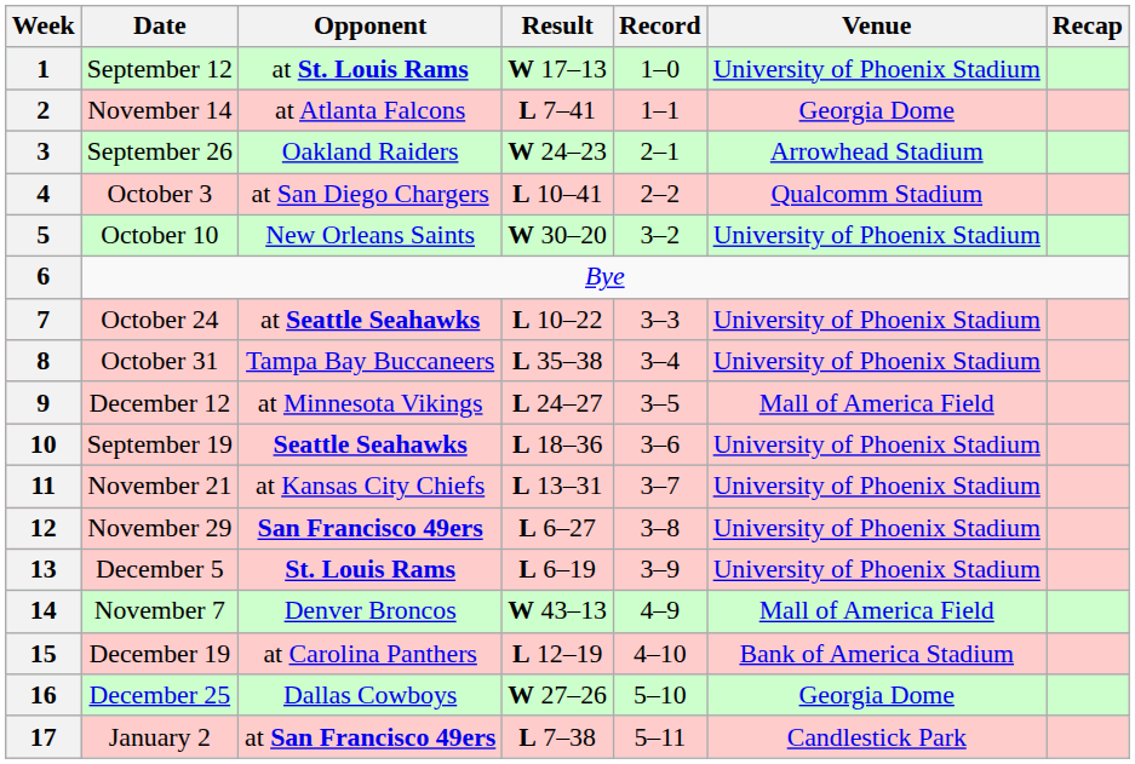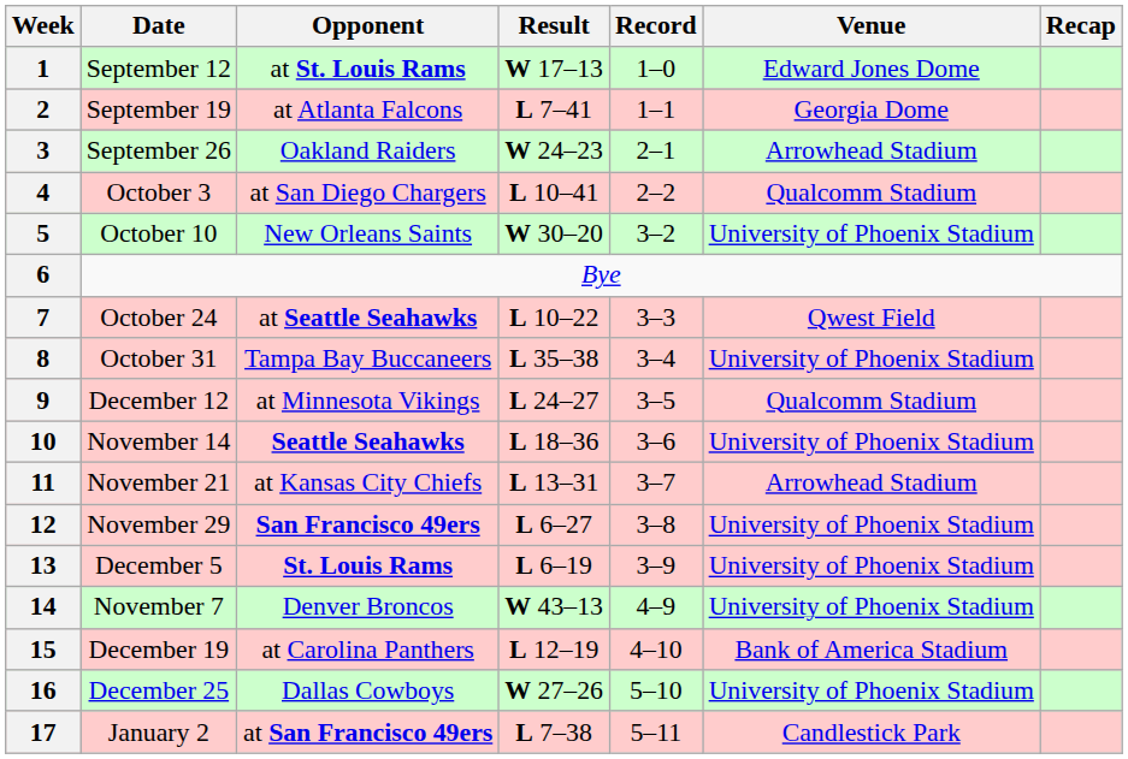 <table class="wikitable" style="text-align:center">
 <tr>
 <th>Week</th>
 <th>Date</th>
 <th>Opponent</th>
 <th>Result</th>
 <th>Record</th>
 <th>Venue</th>
 <th>Recap</th>
 </tr>
 <tr style="background:#cfc;">
 <th>1</th>
 <td style="text-align:center;">September 12</td>
 <td style="text-align:center;">at <strong><a href='#'>St. Louis Rams</a></strong></td>
 <td style="text-align:center;"><strong>W</strong> 17–13</td>
 <td style="text-align:center;">1–0</td>
-<td style="text-align:center;"><a href='#'>University of Phoenix Stadium</a></td>
+<td style="text-align:center;"><a href='#'>Edward Jones Dome</a></td>
 <td style="text-align:center;"></td>
 </tr>
 <tr style="background:#fcc;">
 <th>2</th>
-<td style="text-align:center;">November 14</td>
+<td style="text-align:center;">September 19</td>
 <td style="text-align:center;">at <a href='#'>Atlanta Falcons</a></td>
 <td style="text-align:center;"><strong>L</strong> 7–41</td>
 <td style="text-align:center;">1–1</td>
 <td style="text-align:center;"><a href='#'>Georgia Dome</a></td>
 <td style="text-align:center;"></td>
 </tr>
 <tr style="background:#cfc;">
 <th>3</th>
 <td style="text-align:center;">September 26</td>
 <td style="text-align:center;"><a href='#'>Oakland Raiders</a></td>
 <td style="text-align:center;"><strong>W</strong> 24–23</td>
 <td style="text-align:center;">2–1</td>
 <td style="text-align:center;"><a href='#'>Arrowhead Stadium</a></td>
 <td style="text-align:center;"></td>
 </tr>
 <tr style="background:#fcc;">
 <th>4</th>
 <td style="text-align:center;">October 3</td>
 <td style="text-align:center;">at <a href='#'>San Diego Chargers</a></td>
 <td style="text-align:center;"><strong>L</strong> 10–41</td>
 <td style="text-align:center;">2–2</td>
 <td style="text-align:center;"><a href='#'>Qualcomm Stadium</a></td>
 <td style="text-align:center;"></td>
 </tr>
 <tr style="background:#cfc;">
 <th>5</th>
 <td style="text-align:center;">October 10</td>
 <td style="text-align:center;"><a href='#'>New Orleans Saints</a></td>
 <td style="text-align:center;"><strong>W</strong> 30–20</td>
 <td style="text-align:center;">3–2</td>
 <td style="text-align:center;"><a href='#'>University of Phoenix Stadium</a></td>
 <td style="text-align:center;"></td>
 </tr>
 <tr style="background:#">
 <th>6</th>
 <td colspan="6" style="text-align:center;"><em><a href='#'>Bye</a></em></td>
 </tr>
 <tr style="background:#fcc;">
 <th>7</th>
 <td style="text-align:center;">October 24</td>
 <td style="text-align:center;">at <strong><a href='#'>Seattle Seahawks</a></strong></td>
 <td style="text-align:center;"><strong>L</strong> 10–22</td>
 <td style="text-align:center;">3–3</td>
-<td style="text-align:center;"><a href='#'>University of Phoenix Stadium</a></td>
+<td style="text-align:center;"><a href='#'>Qwest Field</a></td>
 <td style="text-align:center;"></td>
 </tr>
 <tr style="background:#fcc;">
 <th>8</th>
 <td style="text-align:center;">October 31</td>
 <td style="text-align:center;"><a href='#'>Tampa Bay Buccaneers</a></td>
 <td style="text-align:center;"><strong>L</strong> 35–38</td>
 <td style="text-align:center;">3–4</td>
 <td style="text-align:center;"><a href='#'>University of Phoenix Stadium</a></td>
 <td style="text-align:center;"></td>
 </tr>
 <tr style="background:#fcc;">
 <th>9</th>
 <td style="text-align:center;">December 12</td>
 <td style="text-align:center;">at <a href='#'>Minnesota Vikings</a></td>
 <td style="text-align:center;"><strong>L</strong> 24–27 </td>
 <td style="text-align:center;">3–5</td>
-<td style="text-align:center;"><a href='#'>Mall of America Field</a></td>
+<td style="text-align:center;"><a href='#'>Qualcomm Stadium</a></td>
 <td style="text-align:center;"></td>
 </tr>
 <tr style="background:#fcc;">
 <th>10</th>
-<td style="text-align:center;">September 19</td>
+<td style="text-align:center;">November 14</td>
 <td style="text-align:center;"><strong><a href='#'>Seattle Seahawks</a></strong></td>
 <td style="text-align:center;"><strong>L</strong> 18–36</td>
 <td style="text-align:center;">3–6</td>
 <td style="text-align:center;"><a href='#'>University of Phoenix Stadium</a></td>
 <td style="text-align:center;"></td>
 </tr>
 <tr style="background:#fcc;">
 <th>11</th>
 <td style="text-align:center;">November 21</td>
 <td style="text-align:center;">at <a href='#'>Kansas City Chiefs</a></td>
 <td style="text-align:center;"><strong>L</strong> 13–31</td>
 <td style="text-align:center;">3–7</td>
-<td style="text-align:center;"><a href='#'>University of Phoenix Stadium</a></td>
+<td style="text-align:center;"><a href='#'>Arrowhead Stadium</a></td>
 <td style="text-align:center;"></td>
 </tr>
 <tr style="background:#fcc;">
 <th>12</th>
 <td style="text-align:center;">November 29</td>
 <td style="text-align:center;"><strong><a href='#'>San Francisco 49ers</a></strong></td>
 <td style="text-align:center;"><strong>L</strong> 6–27</td>
 <td style="text-align:center;">3–8</td>
 <td style="text-align:center;"><a href='#'>University of Phoenix Stadium</a></td>
 <td style="text-align:center;"></td>
 </tr>
 <tr style="background:#fcc;">
 <th>13</th>
 <td style="text-align:center;">December 5</td>
 <td style="text-align:center;"><strong><a href='#'>St. Louis Rams</a></strong></td>
 <td style="text-align:center;"><strong>L</strong> 6–19</td>
 <td style="text-align:center;">3–9</td>
 <td style="text-align:center;"><a href='#'>University of Phoenix Stadium</a></td>
 <td style="text-align:center;"></td>
 </tr>
 <tr style="background:#cfc;">
 <th>14</th>
 <td style="text-align:center;">November 7</td>
 <td style="text-align:center;"><a href='#'>Denver Broncos</a></td>
 <td style="text-align:center;"><strong>W</strong> 43–13</td>
 <td style="text-align:center;">4–9</td>
-<td style="text-align:center;"><a href='#'>Mall of America Field</a></td>
+<td style="text-align:center;"><a href='#'>University of Phoenix Stadium</a></td>
 <td style="text-align:center;"></td>
 </tr>
 <tr style="background:#fcc;">
 <th>15</th>
 <td style="text-align:center;">December 19</td>
 <td style="text-align:center;">at <a href='#'>Carolina Panthers</a></td>
 <td style="text-align:center;"><strong>L</strong> 12–19</td>
 <td style="text-align:center;">4–10</td>
 <td style="text-align:center;"><a href='#'>Bank of America Stadium</a></td>
 <td style="text-align:center;"></td>
 </tr>
 <tr style="background:#cfc;">
 <th>16</th>
 <td style="text-align:center;"><a href='#'>December 25</a></td>
 <td style="text-align:center;"><a href='#'>Dallas Cowboys</a></td>
 <td style="text-align:center;"><strong>W</strong> 27–26</td>
 <td style="text-align:center;">5–10</td>
-<td style="text-align:center;"><a href='#'>Georgia Dome</a></td>
+<td style="text-align:center;"><a href='#'>University of Phoenix Stadium</a></td>
 <td style="text-align:center;"></td>
 </tr>
 <tr style="background:#fcc;">
 <th>17</th>
 <td style="text-align:center;">January 2</td>
 <td style="text-align:center;">at <strong><a href='#'>San Francisco 49ers</a></strong></td>
 <td style="text-align:center;"><strong>L</strong> 7–38</td>
 <td style="text-align:center;">5–11</td>
 <td style="text-align:center;"><a href='#'>Candlestick Park</a></td>
 <td style="text-align:center;"></td>
 </tr>
 </table>
